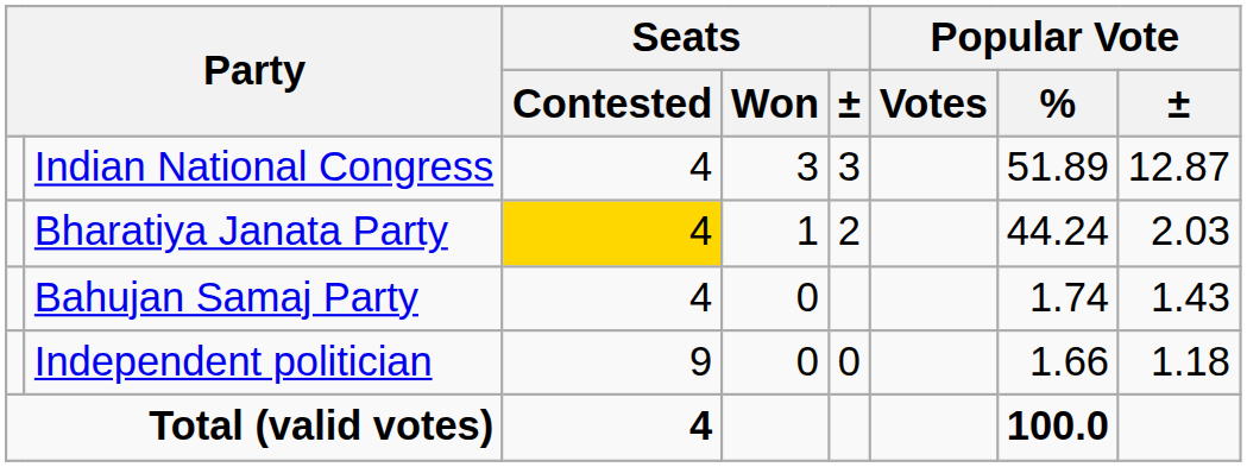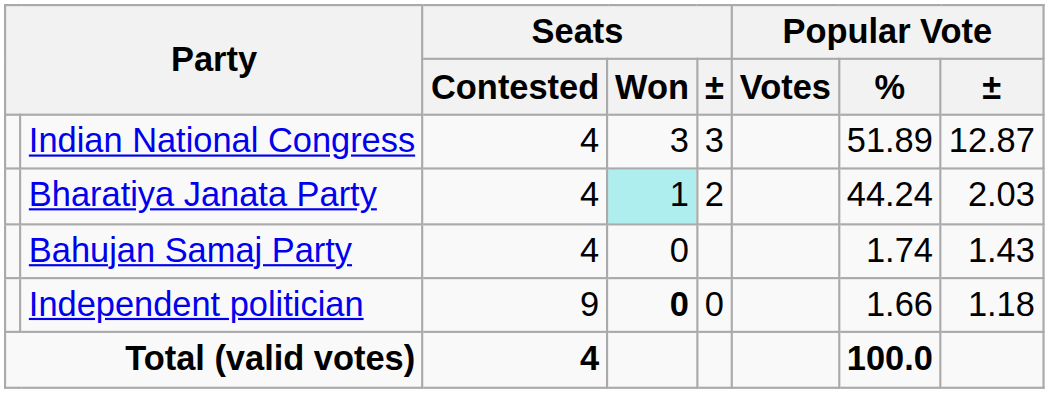 <table class="wikitable" style="text-align:right;">
 <tr style="background:#e9e9e9;">
 <th colspan="2" rowspan="2">Party</th>
 <th colspan="3">Seats</th>
 <th colspan="3">Popular Vote</th>
 </tr>
 <tr>
 <th>Contested</th>
 <th>Won</th>
 <th>±</th>
 <th>Votes</th>
 <th>%</th>
 <th>±</th>
 </tr>
 <tr>
 <td style="background-color:"></td>
 <td style="text-align:left;"><a href='#'>Indian National Congress</a></td>
 <td>4</td>
 <td>3</td>
 <td> 3</td>
 <td></td>
 <td>51.89</td>
 <td>12.87</td>
 </tr>
 <tr>
 <td style="background-color:"></td>
 <td style="text-align:left;"><a href='#'>Bharatiya Janata Party</a></td>
-<td style="background: gold;">4</td>
-<td>1</td>
+<td>4</td>
+<td style="background: paleturquoise;">1</td>
 <td> 2</td>
 <td></td>
 <td>44.24</td>
 <td>2.03</td>
 </tr>
 <tr>
 <td style="background-color:"></td>
 <td style="text-align:left;"><a href='#'>Bahujan Samaj Party</a></td>
 <td>4</td>
 <td>0</td>
 <td></td>
 <td></td>
 <td>1.74</td>
 <td> 1.43</td>
 </tr>
 <tr>
 <td style="background-color:"></td>
 <td style="text-align:left;"><a href='#'>Independent politician</a></td>
 <td>9</td>
-<td>0</td>
+<td><strong>0</strong></td>
 <td>0</td>
 <td></td>
 <td>1.66</td>
 <td> 1.18</td>
 </tr>
 <tr style="font-weight:bold;">
 <td colspan=2>Total (valid votes)</td>
 <td>4</td>
 <td></td>
 <td></td>
 <td></td>
 <td>100.0</td>
 <td></td>
 </tr>
 </table>
